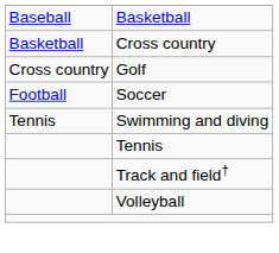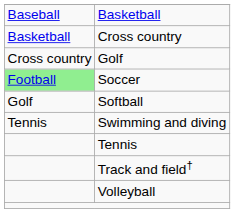 <table class="wikitable" style= "">
 <tr>
 </tr>
 <tr>
 <td><a href='#'>Baseball</a></td>
 <td><a href='#'>Basketball</a></td>
 </tr>
 <tr>
 <td><a href='#'>Basketball</a></td>
 <td>Cross country</td>
 </tr>
 <tr>
 <td>Cross country</td>
 <td>Golf</td>
 </tr>
 <tr>
-<td><a href='#'>Football</a></td>
+<td style="background: lightgreen;"><a href='#'>Football</a></td>
 <td>Soccer</td>
+</tr>
+<tr>
+<td>Golf</td>
+<td>Softball</td>
 </tr>
 <tr>
 <td>Tennis</td>
 <td>Swimming and diving</td>
 </tr>
 <tr>
 <td></td>
 <td>Tennis</td>
 </tr>
 <tr>
 <td></td>
 <td>Track and field<sup>†</sup></td>
 </tr>
 <tr>
 <td></td>
 <td>Volleyball</td>
 </tr>
 <tr>
 <td colspan="2"></td>
 </tr>
 </table>
